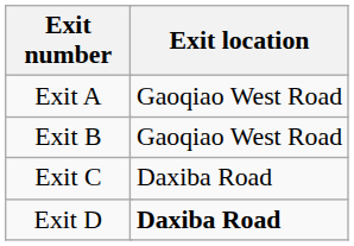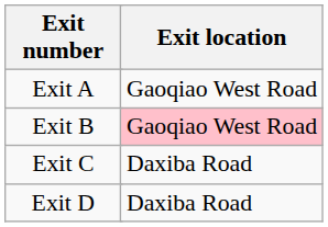 <table class="wikitable">
 <tr>
 <th style="width:70px" colspan="2">Exit number</th>
 <th>Exit location</th>
 </tr>
 <tr>
 <td align="center" colspan="2">Exit A</td>
 <td>Gaoqiao West Road</td>
 </tr>
 <tr>
 <td align="center" colspan="2">Exit B</td>
-<td>Gaoqiao West Road</td>
+<td style="background: pink;">Gaoqiao West Road</td>
 </tr>
 <tr>
 <td align="center" colspan="2">Exit C</td>
 <td>Daxiba Road</td>
 </tr>
 <tr>
 <td align="center" colspan="2">Exit D</td>
-<td><strong>Daxiba Road</strong></td>
+<td>Daxiba Road</td>
 </tr>
 </table>
